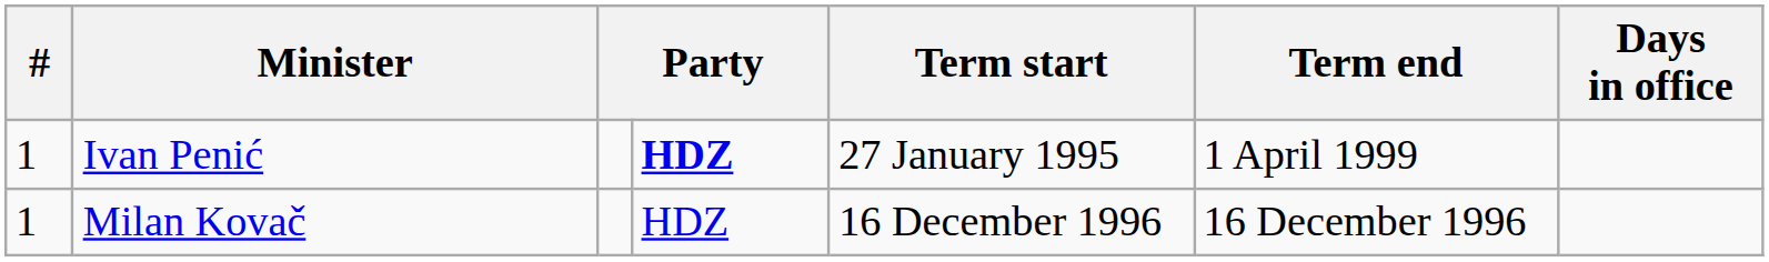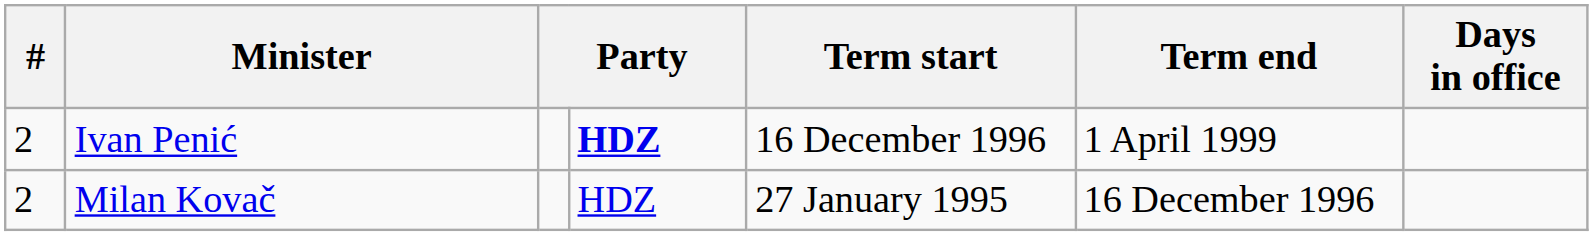 <table class="wikitable" style="text-align: left;">
 <tr>
 <th align=center width="18">#</th>
 <th width="190">Minister</th>
 <th colspan=2 width="80">Party</th>
 <th width="130">Term start</th>
 <th width="130">Term end</th>
 <th width=70>Days<br> in office</th>
 </tr>
 <tr>
-<td>1</td>
+<td>2</td>
 <td><a href='#'>Ivan Penić</a></td>
 <td style="background-color: "></td>
 <td><strong><a href='#'>HDZ</a></strong></td>
-<td>27 January 1995</td>
+<td>16 December 1996</td>
 <td>1 April 1999</td>
 <td align=right></td>
 </tr>
 <tr>
-<td>1</td>
+<td>2</td>
 <td><a href='#'>Milan Kovač</a></td>
 <td style="background-color: "></td>
 <td><a href='#'>HDZ</a></td>
-<td>16 December 1996</td>
+<td>27 January 1995</td>
 <td>16 December 1996</td>
 <td align=right></td>
 </tr>
 </table>
